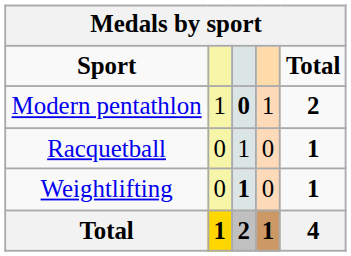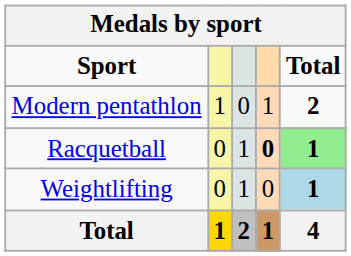 <table class=wikitable style="font-size:85%; float:right;text-align:center">
 <tr bgcolor=EFEFEF>
 <th colspan=7><strong>Medals by sport</strong></th>
 </tr>
 <tr>
 <td><strong>Sport</strong></td>
 <td bgcolor=F7F6A8></td>
 <td bgcolor=DCE5E5></td>
 <td bgcolor=FFDBA9></td>
 <td><strong>Total</strong></td>
 </tr>
 <tr>
 <td><a href='#'>Modern pentathlon</a></td>
 <td bgcolor=F7F6A8>1</td>
-<td bgcolor=DCE5E5><strong>0</strong></td>
+<td bgcolor=DCE5E5>0</td>
 <td bgcolor=FFDAB9>1</td>
 <td><strong>2</strong></td>
 </tr>
 <tr>
 <td><a href='#'>Racquetball</a></td>
 <td bgcolor=F7F6A8>0</td>
 <td bgcolor=DCE5E5>1</td>
-<td bgcolor=FFDAB9>0</td>
-<td><strong>1</strong></td>
+<td bgcolor=FFDAB9><strong>0</strong></td>
+<td style="background: lightgreen;"><strong>1</strong></td>
 </tr>
 <tr>
 <td><a href='#'>Weightlifting</a></td>
 <td bgcolor=F7F6A8>0</td>
-<td bgcolor=DCE5E5><strong>1</strong></td>
+<td bgcolor=DCE5E5>1</td>
 <td bgcolor=FFDAB9>0</td>
-<td><strong>1</strong></td>
+<td style="background: lightblue;"><strong>1</strong></td>
 </tr>
 <tr>
 <th><strong>Total</strong></th>
 <th style=background:gold><strong>1</strong></th>
 <th style=background:silver><strong>2</strong></th>
 <th style=background:#C96><strong>1</strong></th>
 <th><strong>4</strong></th>
 </tr>
 </table>
